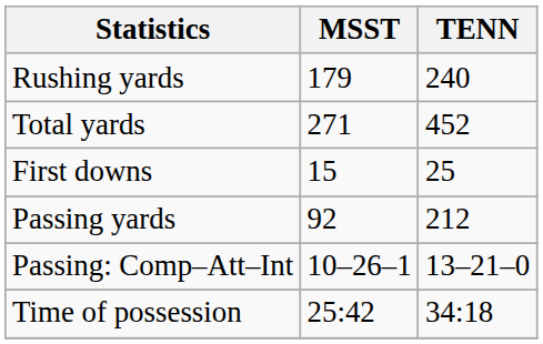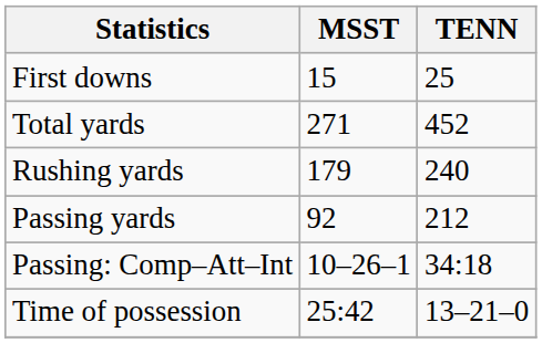 <table class="wikitable" style="float: left;">
 <tr>
 <th>Statistics</th>
 <th>MSST</th>
 <th>TENN</th>
 </tr>
 <tr>
-<td>Rushing yards</td>
-<td>179</td>
-<td>240</td>
+<td>First downs</td>
+<td>15</td>
+<td>25</td>
 </tr>
 <tr>
 <td>Total yards</td>
 <td>271</td>
 <td>452</td>
 </tr>
 <tr>
-<td>First downs</td>
-<td>15</td>
-<td>25</td>
+<td>Rushing yards</td>
+<td>179</td>
+<td>240</td>
 </tr>
 <tr>
 <td>Passing yards</td>
 <td>92</td>
 <td>212</td>
 </tr>
 <tr>
 <td>Passing: Comp–Att–Int</td>
 <td>10–26–1</td>
-<td>13–21–0</td>
+<td>34:18</td>
 </tr>
 <tr>
 <td>Time of possession</td>
 <td>25:42</td>
-<td>34:18</td>
+<td>13–21–0</td>
 </tr>
 <tr>
 </tr>
 </table>
